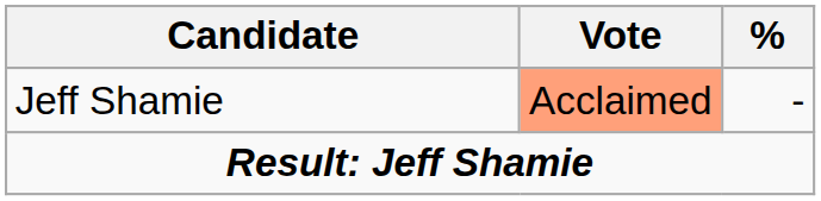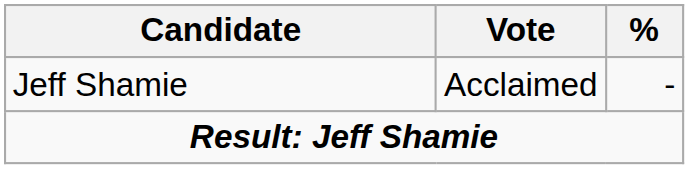 <table class="wikitable">
 <tr>
 <th bgcolor="#DDDDFF" width="200px">Candidate</th>
 <th bgcolor="#DDDDFF" width="50px">Vote</th>
 <th bgcolor="#DDDDFF"  width="30px">%</th>
 </tr>
 <tr>
 <td>Jeff Shamie</td>
-<td align="right" style="background: lightsalmon;">Acclaimed</td>
+<td align="right">Acclaimed</td>
 <td align="right">-</td>
 </tr>
 <tr>
 <td colspan=5 align="center"><strong><em>Result: Jeff Shamie</em></strong></td>
 </tr>
 </table>
